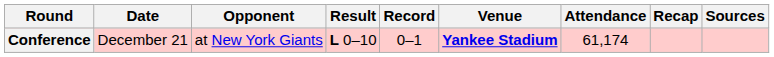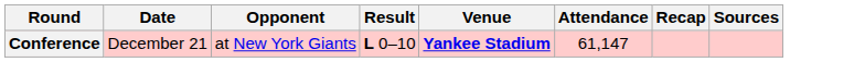 <table class="wikitable" style="text-align:center">
 <tr>
 <th>Round</th>
 <th>Date</th>
 <th>Opponent</th>
 <th>Result</th>
-<th>Record</th>
 <th>Venue</th>
 <th>Attendance</th>
 <th>Recap</th>
 <th>Sources</th>
 </tr>
 <tr style="background:#fcc">
 <th>Conference</th>
 <td>December 21</td>
 <td>at <a href='#'>New York Giants</a></td>
 <td><strong>L</strong> 0–10</td>
-<td>0–1</td>
 <td><strong><a href='#'>Yankee Stadium</a></strong></td>
-<td>61,174</td>
+<td>61,147</td>
 <td></td>
 <td></td>
 </tr>
 </table>
